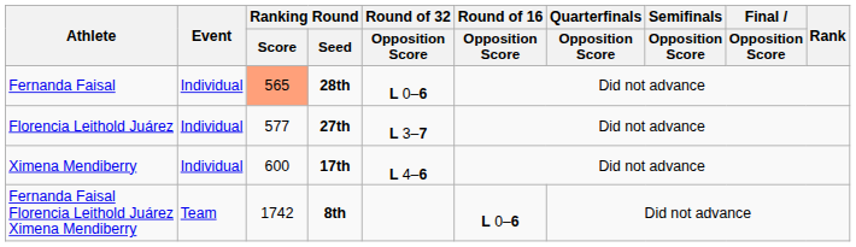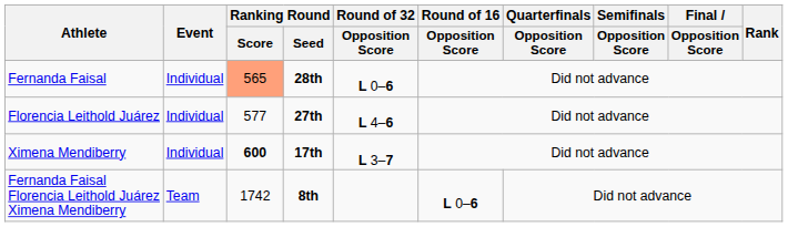 <table class="wikitable" style="font-size:90%">
 <tr>
 <th rowspan="2">Athlete</th>
 <th rowspan="2">Event</th>
 <th colspan="2">Ranking Round</th>
 <th>Round of 32</th>
 <th>Round of 16</th>
 <th>Quarterfinals</th>
 <th>Semifinals</th>
 <th>Final / </th>
 <th rowspan="2">Rank</th>
 </tr>
 <tr style="font-size:95%">
 <th>Score</th>
 <th>Seed</th>
 <th>Opposition<br>Score</th>
 <th>Opposition<br>Score</th>
 <th>Opposition<br>Score</th>
 <th>Opposition<br>Score</th>
 <th>Opposition<br>Score</th>
 </tr>
 <tr align=center>
 <td align=left><a href='#'>Fernanda Faisal</a></td>
 <td align=left><a href='#'>Individual</a></td>
 <td style="background: lightsalmon;">565</td>
 <td><strong>28th</strong></td>
 <td><br><strong>L</strong> 0–<strong>6</strong></td>
 <td align="center" colspan="5">Did not advance</td>
 </tr>
 <tr align=center>
 <td align=left><a href='#'>Florencia Leithold Juárez</a></td>
 <td align=left><a href='#'>Individual</a></td>
 <td>577</td>
 <td><strong>27th</strong></td>
-<td><br><strong>L</strong> 3–<strong>7</strong></td>
+<td><br><strong>L</strong> 4–<strong>6</strong></td>
 <td align="center" colspan="5">Did not advance</td>
 </tr>
 <tr align=center>
 <td align=left><a href='#'>Ximena Mendiberry</a></td>
 <td align=left><a href='#'>Individual</a></td>
-<td>600</td>
+<td><strong>600</strong></td>
 <td><strong>17th</strong></td>
-<td><br><strong>L</strong> 4–<strong>6</strong></td>
+<td><br><strong>L</strong> 3–<strong>7</strong></td>
 <td align="center" colspan="5">Did not advance</td>
 </tr>
 <tr align=center>
 <td align=left><a href='#'>Fernanda Faisal</a><br><a href='#'>Florencia Leithold Juárez</a><br><a href='#'>Ximena Mendiberry</a></td>
 <td align=left><a href='#'>Team</a></td>
 <td>1742</td>
 <td><strong>8th</strong></td>
 <td></td>
 <td><br><strong>L</strong> 0–<strong>6</strong></td>
 <td align="center" colspan="4">Did not advance</td>
 </tr>
 </table>
